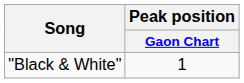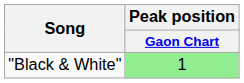 <table class="wikitable sortable" style="text-align:center;">
 <tr>
 <th rowspan="2">Song</th>
 <th colspan="9">Peak position</th>
 </tr>
 <tr style="font-size:smaller;">
 <th><a href='#'>Gaon Chart</a></th>
 </tr>
 <tr>
 <td align="left">"Black & White"</td>
-<td>1</td>
+<td style="background: lightgreen;">1</td>
 </tr>
 </table>
